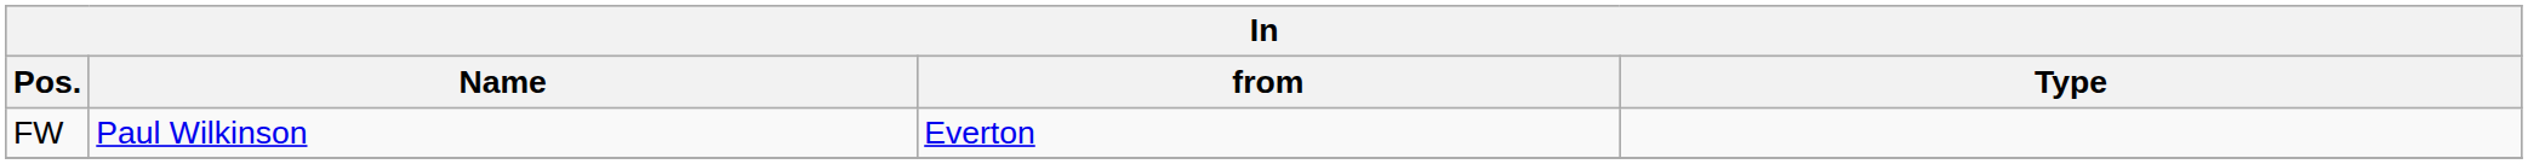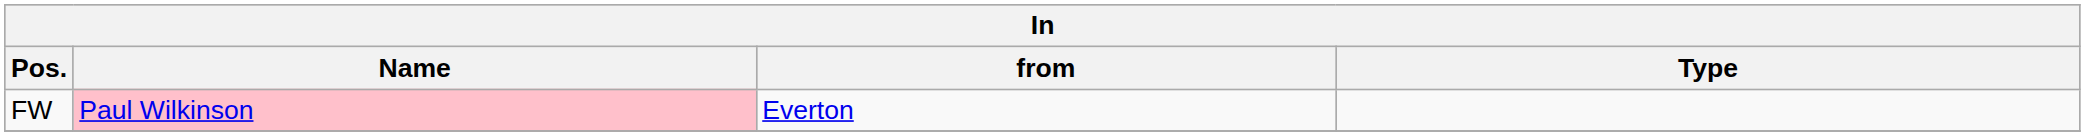 <table class="wikitable" style="font-size:100%;width:99%;">
 <tr>
 <th colspan="4">In</th>
 </tr>
 <tr>
 <th width=3%>Pos.</th>
 <th width=33%>Name</th>
 <th width=28%>from</th>
 <th width=36%>Type</th>
 </tr>
 <tr>
 <td>FW</td>
-<td><a href='#'>Paul Wilkinson</a></td>
+<td style="background: pink;"><a href='#'>Paul Wilkinson</a></td>
 <td><a href='#'>Everton</a></td>
 <td></td>
 </tr>
 <tr>
 </tr>
 </table>
